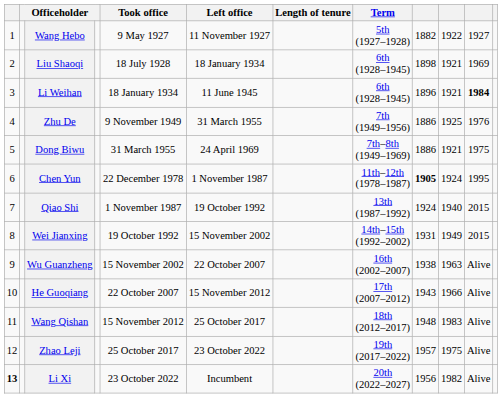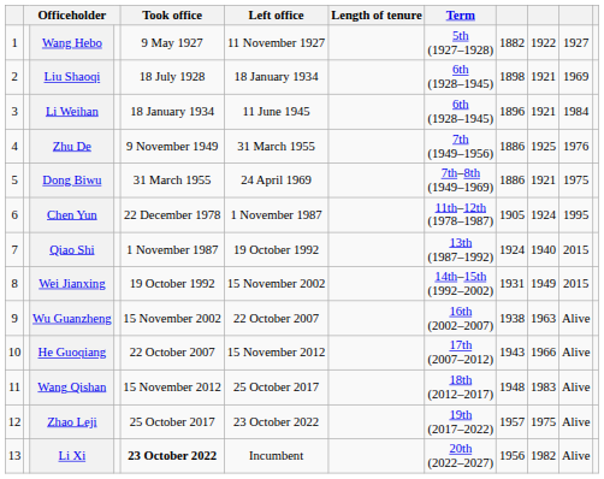 <table class="wikitable sortable" style=text-align:center>
 <tr>
 <th scope=col></th>
 <th scope=col colspan="3">Officeholder</th>
 <th scope=col class="unsortable">Took office</th>
 <th scope=col class="unsortable">Left office</th>
 <th scope=col>Length of tenure</th>
 <th scope="col"><a href='#'>Term</a></th>
 <th scope=col></th>
 <th scope=col></th>
 <th scope=col></th>
 <th scope=col class="unsortable"></th>
 </tr>
 <tr>
 <td>1</td>
 <td></td>
 <th align="center" scope="row" style="font-weight:normal;"><a href='#'>Wang Hebo</a></th>
 <td></td>
 <td>9 May 1927</td>
 <td>11 November 1927</td>
 <td></td>
 <td><a href='#'>5th</a><br>(1927–1928)</td>
 <td>1882</td>
 <td>1922</td>
 <td>1927</td>
 <td></td>
 </tr>
 <tr>
 <td>2</td>
 <td></td>
 <th align="center" scope="row" style="font-weight:normal;"><a href='#'>Liu Shaoqi</a></th>
 <td></td>
 <td>18 July 1928</td>
 <td>18 January 1934</td>
 <td></td>
 <td><a href='#'>6th</a><br>(1928–1945)</td>
 <td>1898</td>
 <td>1921</td>
 <td>1969</td>
 <td></td>
 </tr>
 <tr>
 <td>3</td>
 <td></td>
 <th align="center" scope="row" style="font-weight:normal;"><a href='#'>Li Weihan</a></th>
 <td></td>
 <td>18 January 1934</td>
 <td>11 June 1945</td>
 <td></td>
 <td><a href='#'>6th</a><br>(1928–1945)</td>
 <td>1896</td>
 <td>1921</td>
-<td><strong>1984</strong></td>
+<td>1984</td>
 <td></td>
 </tr>
 <tr>
 <td>4</td>
 <td></td>
 <th align="center" scope="row" style="font-weight:normal;"><a href='#'>Zhu De</a></th>
 <td></td>
 <td>9 November 1949</td>
 <td>31 March 1955</td>
 <td></td>
 <td><a href='#'>7th</a><br>(1949–1956)</td>
 <td>1886</td>
 <td>1925</td>
 <td>1976</td>
 <td></td>
 </tr>
 <tr>
 <td>5</td>
 <td></td>
 <th align="center" scope="row" style="font-weight:normal;"><a href='#'>Dong Biwu</a></th>
 <td></td>
 <td>31 March 1955</td>
 <td>24 April 1969</td>
 <td></td>
 <td><a href='#'>7th</a>–<a href='#'>8th</a><br>(1949–1969)</td>
 <td>1886</td>
 <td>1921</td>
 <td>1975</td>
 <td></td>
 </tr>
 <tr>
 <td>6</td>
 <td></td>
 <th align="center" scope="row" style="font-weight:normal;"><a href='#'>Chen Yun</a></th>
 <td></td>
 <td>22 December 1978</td>
 <td>1 November 1987</td>
 <td></td>
 <td><a href='#'>11th</a>–<a href='#'>12th</a><br>(1978–1987)</td>
-<td><strong>1905</strong></td>
+<td>1905</td>
 <td>1924</td>
 <td>1995</td>
 <td></td>
 </tr>
 <tr>
 <td>7</td>
 <td></td>
 <th align="center" scope="row" style="font-weight:normal;"><a href='#'>Qiao Shi</a></th>
 <td></td>
 <td>1 November 1987</td>
 <td>19 October 1992</td>
 <td></td>
 <td><a href='#'>13th</a><br>(1987–1992)</td>
 <td>1924</td>
 <td>1940</td>
 <td>2015</td>
 <td></td>
 </tr>
 <tr>
 <td>8</td>
 <td></td>
 <th align="center" scope="row" style="font-weight:normal;"><a href='#'>Wei Jianxing</a></th>
 <td></td>
 <td>19 October 1992</td>
 <td>15 November 2002</td>
 <td></td>
 <td><a href='#'>14th</a>–<a href='#'>15th</a><br>(1992–2002)</td>
 <td>1931</td>
 <td>1949</td>
 <td>2015</td>
 <td></td>
 </tr>
 <tr>
 <td>9</td>
 <td></td>
 <th align="center" scope="row" style="font-weight:normal;"><a href='#'>Wu Guanzheng</a></th>
 <td></td>
 <td>15 November 2002</td>
 <td>22 October 2007</td>
 <td></td>
 <td><a href='#'>16th</a><br>(2002–2007)</td>
 <td>1938</td>
 <td>1963</td>
 <td>Alive</td>
 <td></td>
 </tr>
 <tr>
 <td>10</td>
 <td></td>
 <th align="center" scope="row" style="font-weight:normal;"><a href='#'>He Guoqiang</a></th>
 <td></td>
 <td>22 October 2007</td>
 <td>15 November 2012</td>
 <td></td>
 <td><a href='#'>17th</a><br>(2007–2012)</td>
 <td>1943</td>
 <td>1966</td>
 <td>Alive</td>
 <td></td>
 </tr>
 <tr>
 <td>11</td>
 <td></td>
 <th align="center" scope="row" style="font-weight:normal;"><a href='#'>Wang Qishan</a></th>
 <td></td>
 <td>15 November 2012</td>
 <td>25 October 2017</td>
 <td></td>
 <td><a href='#'>18th</a><br>(2012–2017)</td>
 <td>1948</td>
 <td>1983</td>
 <td>Alive</td>
 <td></td>
 </tr>
 <tr>
 <td>12</td>
 <td></td>
 <th align="center" scope="row" style="font-weight:normal;"><a href='#'>Zhao Leji</a></th>
 <td></td>
 <td>25 October 2017</td>
 <td>23 October 2022</td>
 <td></td>
 <td><a href='#'>19th</a><br>(2017–2022)</td>
 <td>1957</td>
 <td>1975</td>
 <td>Alive</td>
 <td></td>
 </tr>
 <tr>
-<td><strong>13</strong></td>
+<td>13</td>
 <td></td>
 <th align="center" scope="row" style="font-weight:normal;"><a href='#'>Li Xi</a></th>
 <td></td>
-<td>23 October 2022</td>
+<td><strong>23 October 2022</strong></td>
 <td>Incumbent</td>
 <td></td>
 <td><a href='#'>20th</a><br>(2022–2027)</td>
 <td>1956</td>
 <td>1982</td>
 <td>Alive</td>
 <td></td>
 </tr>
 </table>
